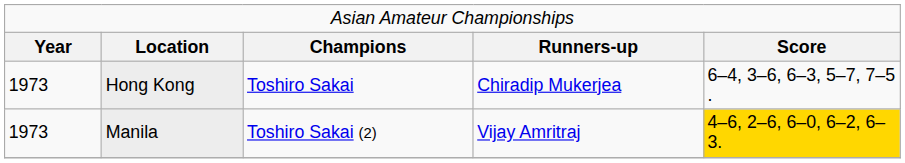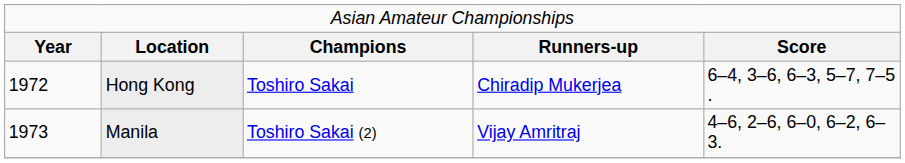 <table class="wikitable">
 <tr>
 <td colspan=5 align=center><em>Asian Amateur Championships</em></td>
 </tr>
 <tr>
 <th style="width:80px">Year</th>
 <th style="width:120px">Location</th>
 <th style="width:200px">Champions</th>
 <th style="width:200px">Runners-up</th>
 <th style="width:170px" class="unsortable">Score</th>
 </tr>
 <tr>
-<td>1973</td>
+<td>1972</td>
 <td style="background:#ededed">Hong Kong</td>
 <td> <a href='#'>Toshiro Sakai</a></td>
 <td> <a href='#'>Chiradip Mukerjea</a></td>
 <td>6–4, 3–6, 6–3, 5–7, 7–5 .</td>
 </tr>
 <tr>
 <td>1973</td>
 <td style="background:#ededed">Manila</td>
 <td> <a href='#'>Toshiro Sakai</a> <small>(2)</small></td>
 <td> <a href='#'>Vijay Amritraj</a></td>
-<td style="background: gold;">4–6, 2–6, 6–0, 6–2, 6–3.</td>
+<td>4–6, 2–6, 6–0, 6–2, 6–3.</td>
 </tr>
 <tr>
 </tr>
 </table>
